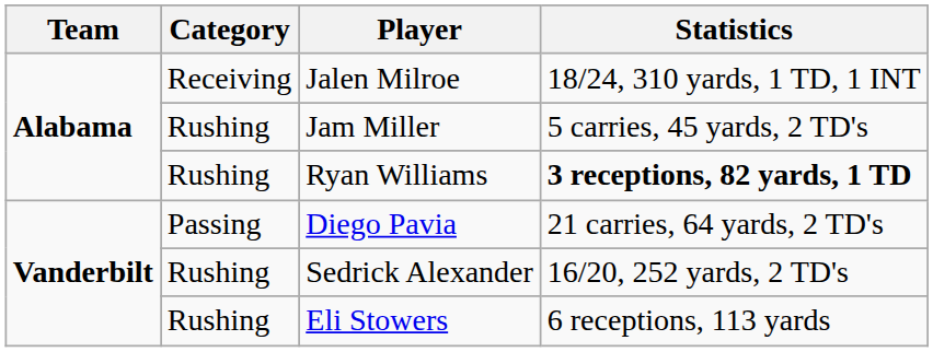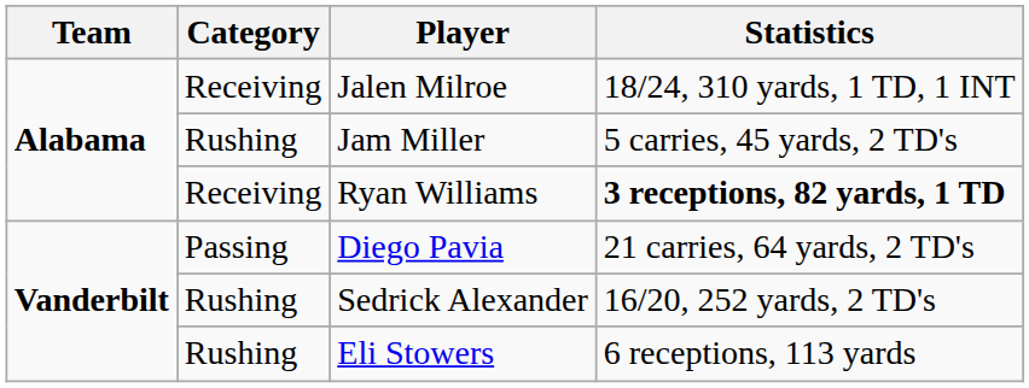 <table class="wikitable" style="float: right;">
 <tr>
 <th>Team</th>
 <th>Category</th>
 <th>Player</th>
 <th>Statistics</th>
 </tr>
 <tr>
 <td rowspan=3><strong>Alabama</strong></td>
 <td>Receiving</td>
 <td>Jalen Milroe</td>
 <td>18/24, 310 yards, 1 TD, 1 INT</td>
 </tr>
 <tr>
 <td>Rushing</td>
 <td>Jam Miller</td>
 <td>5 carries, 45 yards, 2 TD's</td>
 </tr>
 <tr>
-<td>Rushing</td>
+<td>Receiving</td>
 <td>Ryan Williams</td>
 <td><strong>3 receptions, 82 yards, 1 TD</strong></td>
 </tr>
 <tr>
 <td rowspan=3><strong>Vanderbilt</strong></td>
 <td>Passing</td>
 <td><a href='#'>Diego Pavia</a></td>
 <td>21 carries, 64 yards, 2 TD's</td>
 </tr>
 <tr>
 <td>Rushing</td>
 <td>Sedrick Alexander</td>
 <td>16/20, 252 yards, 2 TD's</td>
 </tr>
 <tr>
 <td>Rushing</td>
 <td><a href='#'>Eli Stowers</a></td>
 <td>6 receptions, 113 yards</td>
 </tr>
 </table>
